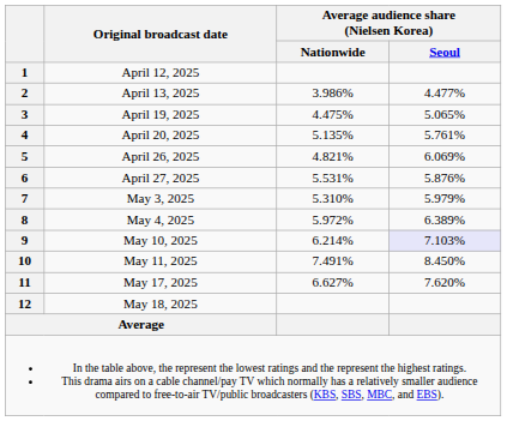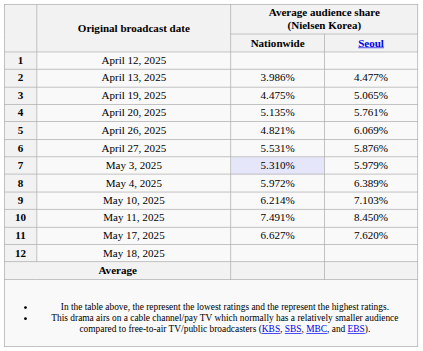 <table class="wikitable" style="margin-left:auto; margin-right:auto; width:600px; text-align:center">
 <tr>
 <th scope="col" rowspan="2"></th>
 <th scope="col" rowspan="2">Original broadcast date</th>
 <th scope="col" colspan="2">Average audience share<br>(Nielsen Korea)</th>
 </tr>
 <tr>
 <th scope="col" style="width:8em">Nationwide</th>
 <th scope="col" style="width:8em"><a href='#'>Seoul</a></th>
 </tr>
 <tr>
 <th scope="col">1</th>
 <td>April 12, 2025</td>
 <td><strong></strong> </td>
 <td><strong></strong> </td>
 </tr>
 <tr>
 <th scope="col">2</th>
 <td>April 13, 2025</td>
 <td>3.986% </td>
 <td>4.477% </td>
 </tr>
 <tr>
 <th scope="col">3</th>
 <td>April 19, 2025</td>
 <td>4.475% </td>
 <td>5.065% </td>
 </tr>
 <tr>
 <th scope="col">4</th>
 <td>April 20, 2025</td>
 <td>5.135% </td>
 <td>5.761% </td>
 </tr>
 <tr>
 <th scope="col">5</th>
 <td>April 26, 2025</td>
 <td>4.821% </td>
 <td>6.069%  </td>
 </tr>
 <tr>
 <th scope="col">6</th>
 <td>April 27, 2025</td>
 <td>5.531% </td>
 <td>5.876% </td>
 </tr>
 <tr>
 <th scope="col">7</th>
 <td>May 3, 2025</td>
-<td>5.310% </td>
+<td style="background: lavender;">5.310% </td>
 <td>5.979% </td>
 </tr>
 <tr>
 <th scope="col">8</th>
 <td>May 4, 2025</td>
 <td>5.972% </td>
 <td>6.389% </td>
 </tr>
 <tr>
 <th scope="col">9</th>
 <td>May 10, 2025</td>
 <td>6.214% </td>
-<td style="background: lavender;">7.103% </td>
+<td>7.103% </td>
 </tr>
 <tr>
 <th scope="col">10</th>
 <td>May 11, 2025</td>
 <td>7.491% </td>
 <td>8.450% </td>
 </tr>
 <tr>
 <th scope="col">11</th>
 <td>May 17, 2025</td>
 <td>6.627% </td>
 <td>7.620% </td>
 </tr>
 <tr>
 <th scope="col">12</th>
 <td>May 18, 2025</td>
 <td><strong></strong> </td>
 <td><strong></strong> </td>
 </tr>
 <tr>
 <th scope="col" colspan="2">Average</th>
 <th scope="col"></th>
 <th scope="col"></th>
 </tr>
 <tr>
 <td colspan="4" style="font-size:85%"><br><ul><li>In the table above, the <strong></strong> represent the lowest ratings and the <strong></strong> represent the highest ratings.</li><li>This drama airs on a cable channel/pay TV which normally has a relatively smaller audience compared to free-to-air TV/public broadcasters (<a href='#'>KBS</a>, <a href='#'>SBS</a>, <a href='#'>MBC</a>, and <a href='#'>EBS</a>).</li></ul></td>
 </tr>
 </table>
